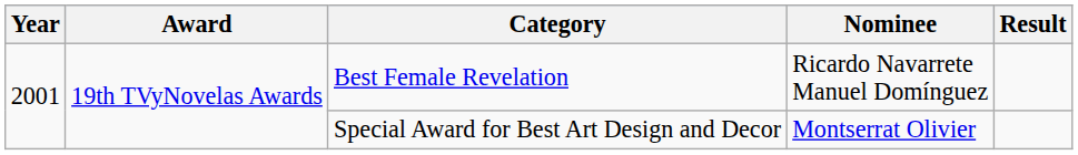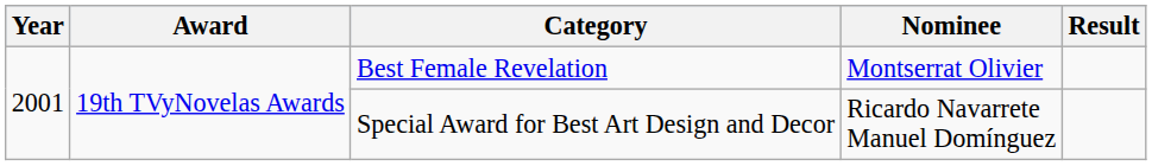 <table class="wikitable">
 <tr style="background:#b0c4de;">
 <th>Year</th>
 <th>Award</th>
 <th>Category</th>
 <th>Nominee</th>
 <th>Result</th>
 </tr>
 <tr>
 <td rowspan=2>2001</td>
 <td rowspan=2><a href='#'>19th TVyNovelas Awards</a></td>
 <td><a href='#'>Best Female Revelation</a></td>
-<td>Ricardo Navarrete<br>Manuel Domínguez</td>
+<td><a href='#'>Montserrat Olivier</a></td>
 <td></td>
 </tr>
 <tr>
 <td>Special Award for Best Art Design and Decor</td>
-<td><a href='#'>Montserrat Olivier</a></td>
+<td>Ricardo Navarrete<br>Manuel Domínguez</td>
 <td></td>
 </tr>
 </table>
